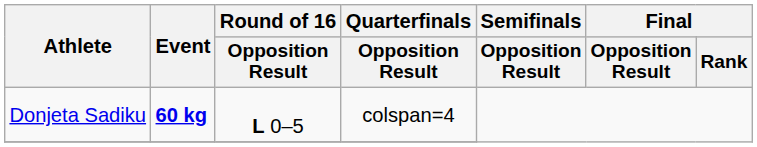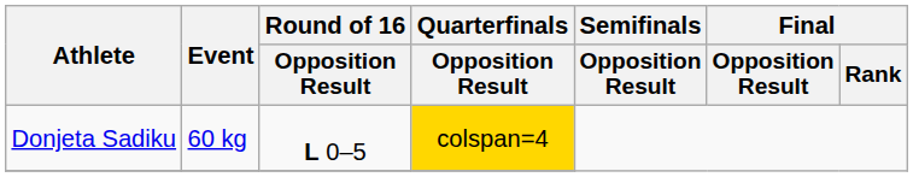 <table class="wikitable" style="text-align:center; font-size:90%">
 <tr>
 <th rowspan=2>Athlete</th>
 <th rowspan=2>Event</th>
 <th>Round of 16</th>
 <th>Quarterfinals</th>
 <th>Semifinals</th>
 <th colspan=2>Final</th>
 </tr>
 <tr style="font-size:95%">
 <th>Opposition<br>Result</th>
 <th>Opposition<br>Result</th>
 <th>Opposition<br>Result</th>
 <th>Opposition<br>Result</th>
 <th>Rank</th>
 </tr>
 <tr>
 <td align=left><a href='#'>Donjeta Sadiku</a></td>
-<td align=left><strong><a href='#'>60 kg</a></strong></td>
+<td align=left><a href='#'>60 kg</a></td>
 <td><br><strong>L</strong> 0–5</td>
-<td>colspan=4 </td>
+<td style="background: gold;">colspan=4 </td>
 </tr>
 <tr>
 </tr>
 </table>
